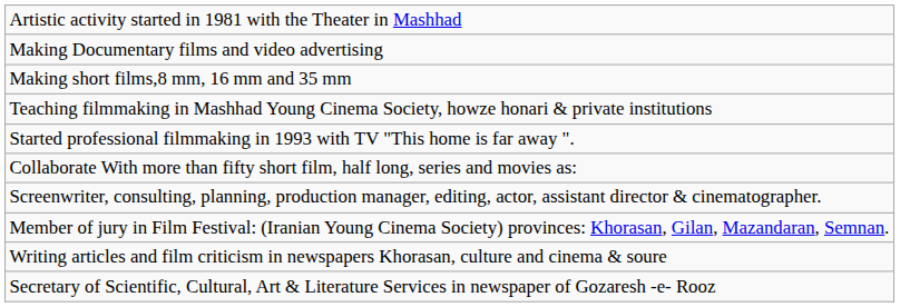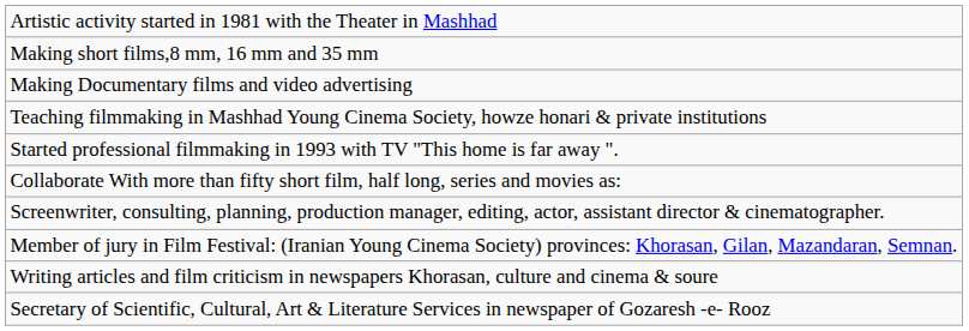 <table class="wikitable">
 <tr>
 <td>Artistic activity started in 1981 with the Theater in <a href='#'>Mashhad</a></td>
 </tr>
 <tr>
-<td>Making Documentary films and video advertising</td>
+<td>Making short films,8 mm, 16 mm and 35 mm</td>
 </tr>
 <tr>
-<td>Making short films,8 mm, 16 mm and 35 mm</td>
+<td>Making Documentary films and video advertising</td>
 </tr>
 <tr>
 <td>Teaching filmmaking in Mashhad Young Cinema Society, howze honari & private institutions</td>
 </tr>
 <tr>
 <td>Started professional filmmaking in 1993 with TV "This home is far away ".</td>
 </tr>
 <tr>
 <td>Collaborate With more than fifty short film, half long, series and movies as:</td>
 </tr>
 <tr>
 <td>Screenwriter, consulting, planning, production manager, editing, actor, assistant director & cinematographer.</td>
 </tr>
 <tr>
 <td>Member of jury in Film Festival: (Iranian Young Cinema Society) provinces: <a href='#'>Khorasan</a>, <a href='#'>Gilan</a>, <a href='#'>Mazandaran</a>, <a href='#'>Semnan</a>.</td>
 </tr>
 <tr>
 <td>Writing articles and film criticism in newspapers Khorasan, culture and cinema & soure</td>
 </tr>
 <tr>
 <td>Secretary of Scientific, Cultural, Art & Literature Services in newspaper of Gozaresh -e-  Rooz</td>
 </tr>
 </table>
